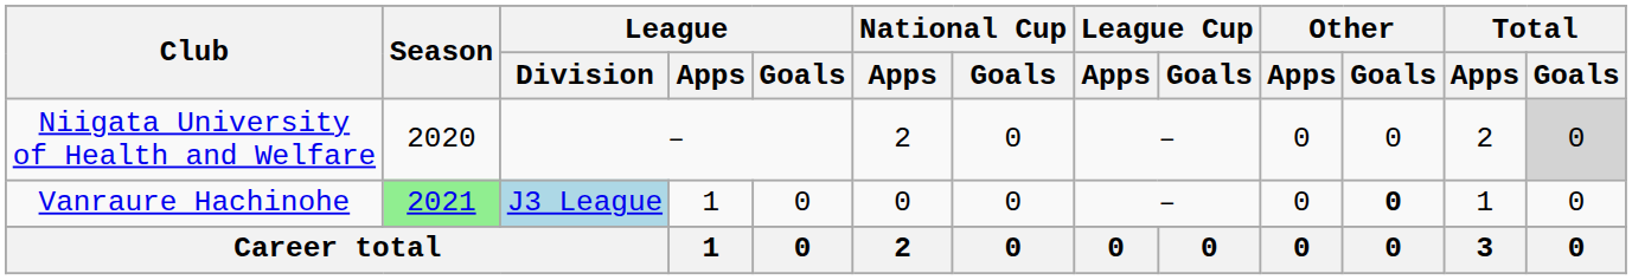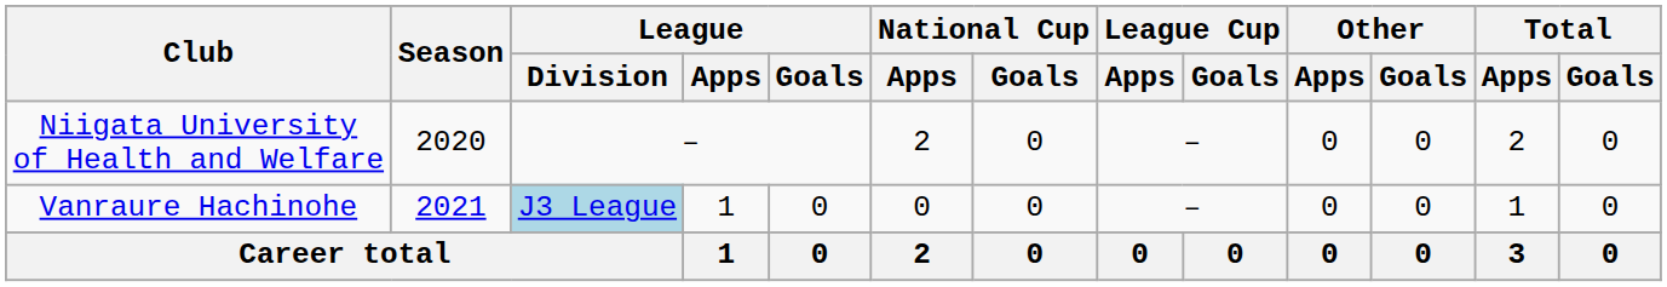 <table class="wikitable" style="text-align: center">
 <tr>
 <th rowspan="2">Club</th>
 <th rowspan="2">Season</th>
 <th colspan="3">League</th>
 <th colspan="2">National Cup</th>
 <th colspan="2">League Cup</th>
 <th colspan="2">Other</th>
 <th colspan="2">Total</th>
 </tr>
 <tr>
 <th>Division</th>
 <th>Apps</th>
 <th>Goals</th>
 <th>Apps</th>
 <th>Goals</th>
 <th>Apps</th>
 <th>Goals</th>
 <th>Apps</th>
 <th>Goals</th>
 <th>Apps</th>
 <th>Goals</th>
 </tr>
 <tr>
 <td><a href='#'>Niigata University<br>of Health and Welfare</a></td>
 <td>2020</td>
 <td colspan="3">–</td>
 <td>2</td>
 <td>0</td>
 <td colspan="2">–</td>
 <td>0</td>
 <td>0</td>
 <td>2</td>
-<td style="background: lightgrey;">0</td>
+<td>0</td>
 </tr>
 <tr>
 <td><a href='#'>Vanraure Hachinohe</a></td>
-<td style="background: lightgreen;"><a href='#'>2021</a></td>
+<td><a href='#'>2021</a></td>
 <td style="background: lightblue;"><a href='#'>J3 League</a></td>
 <td>1</td>
 <td>0</td>
 <td>0</td>
 <td>0</td>
 <td colspan="2">–</td>
 <td>0</td>
-<td><strong>0</strong></td>
+<td>0</td>
 <td>1</td>
 <td>0</td>
 </tr>
 <tr>
 <th colspan=3>Career total</th>
 <th>1</th>
 <th>0</th>
 <th>2</th>
 <th>0</th>
 <th>0</th>
 <th>0</th>
 <th>0</th>
 <th>0</th>
 <th>3</th>
 <th>0</th>
 </tr>
 </table>
